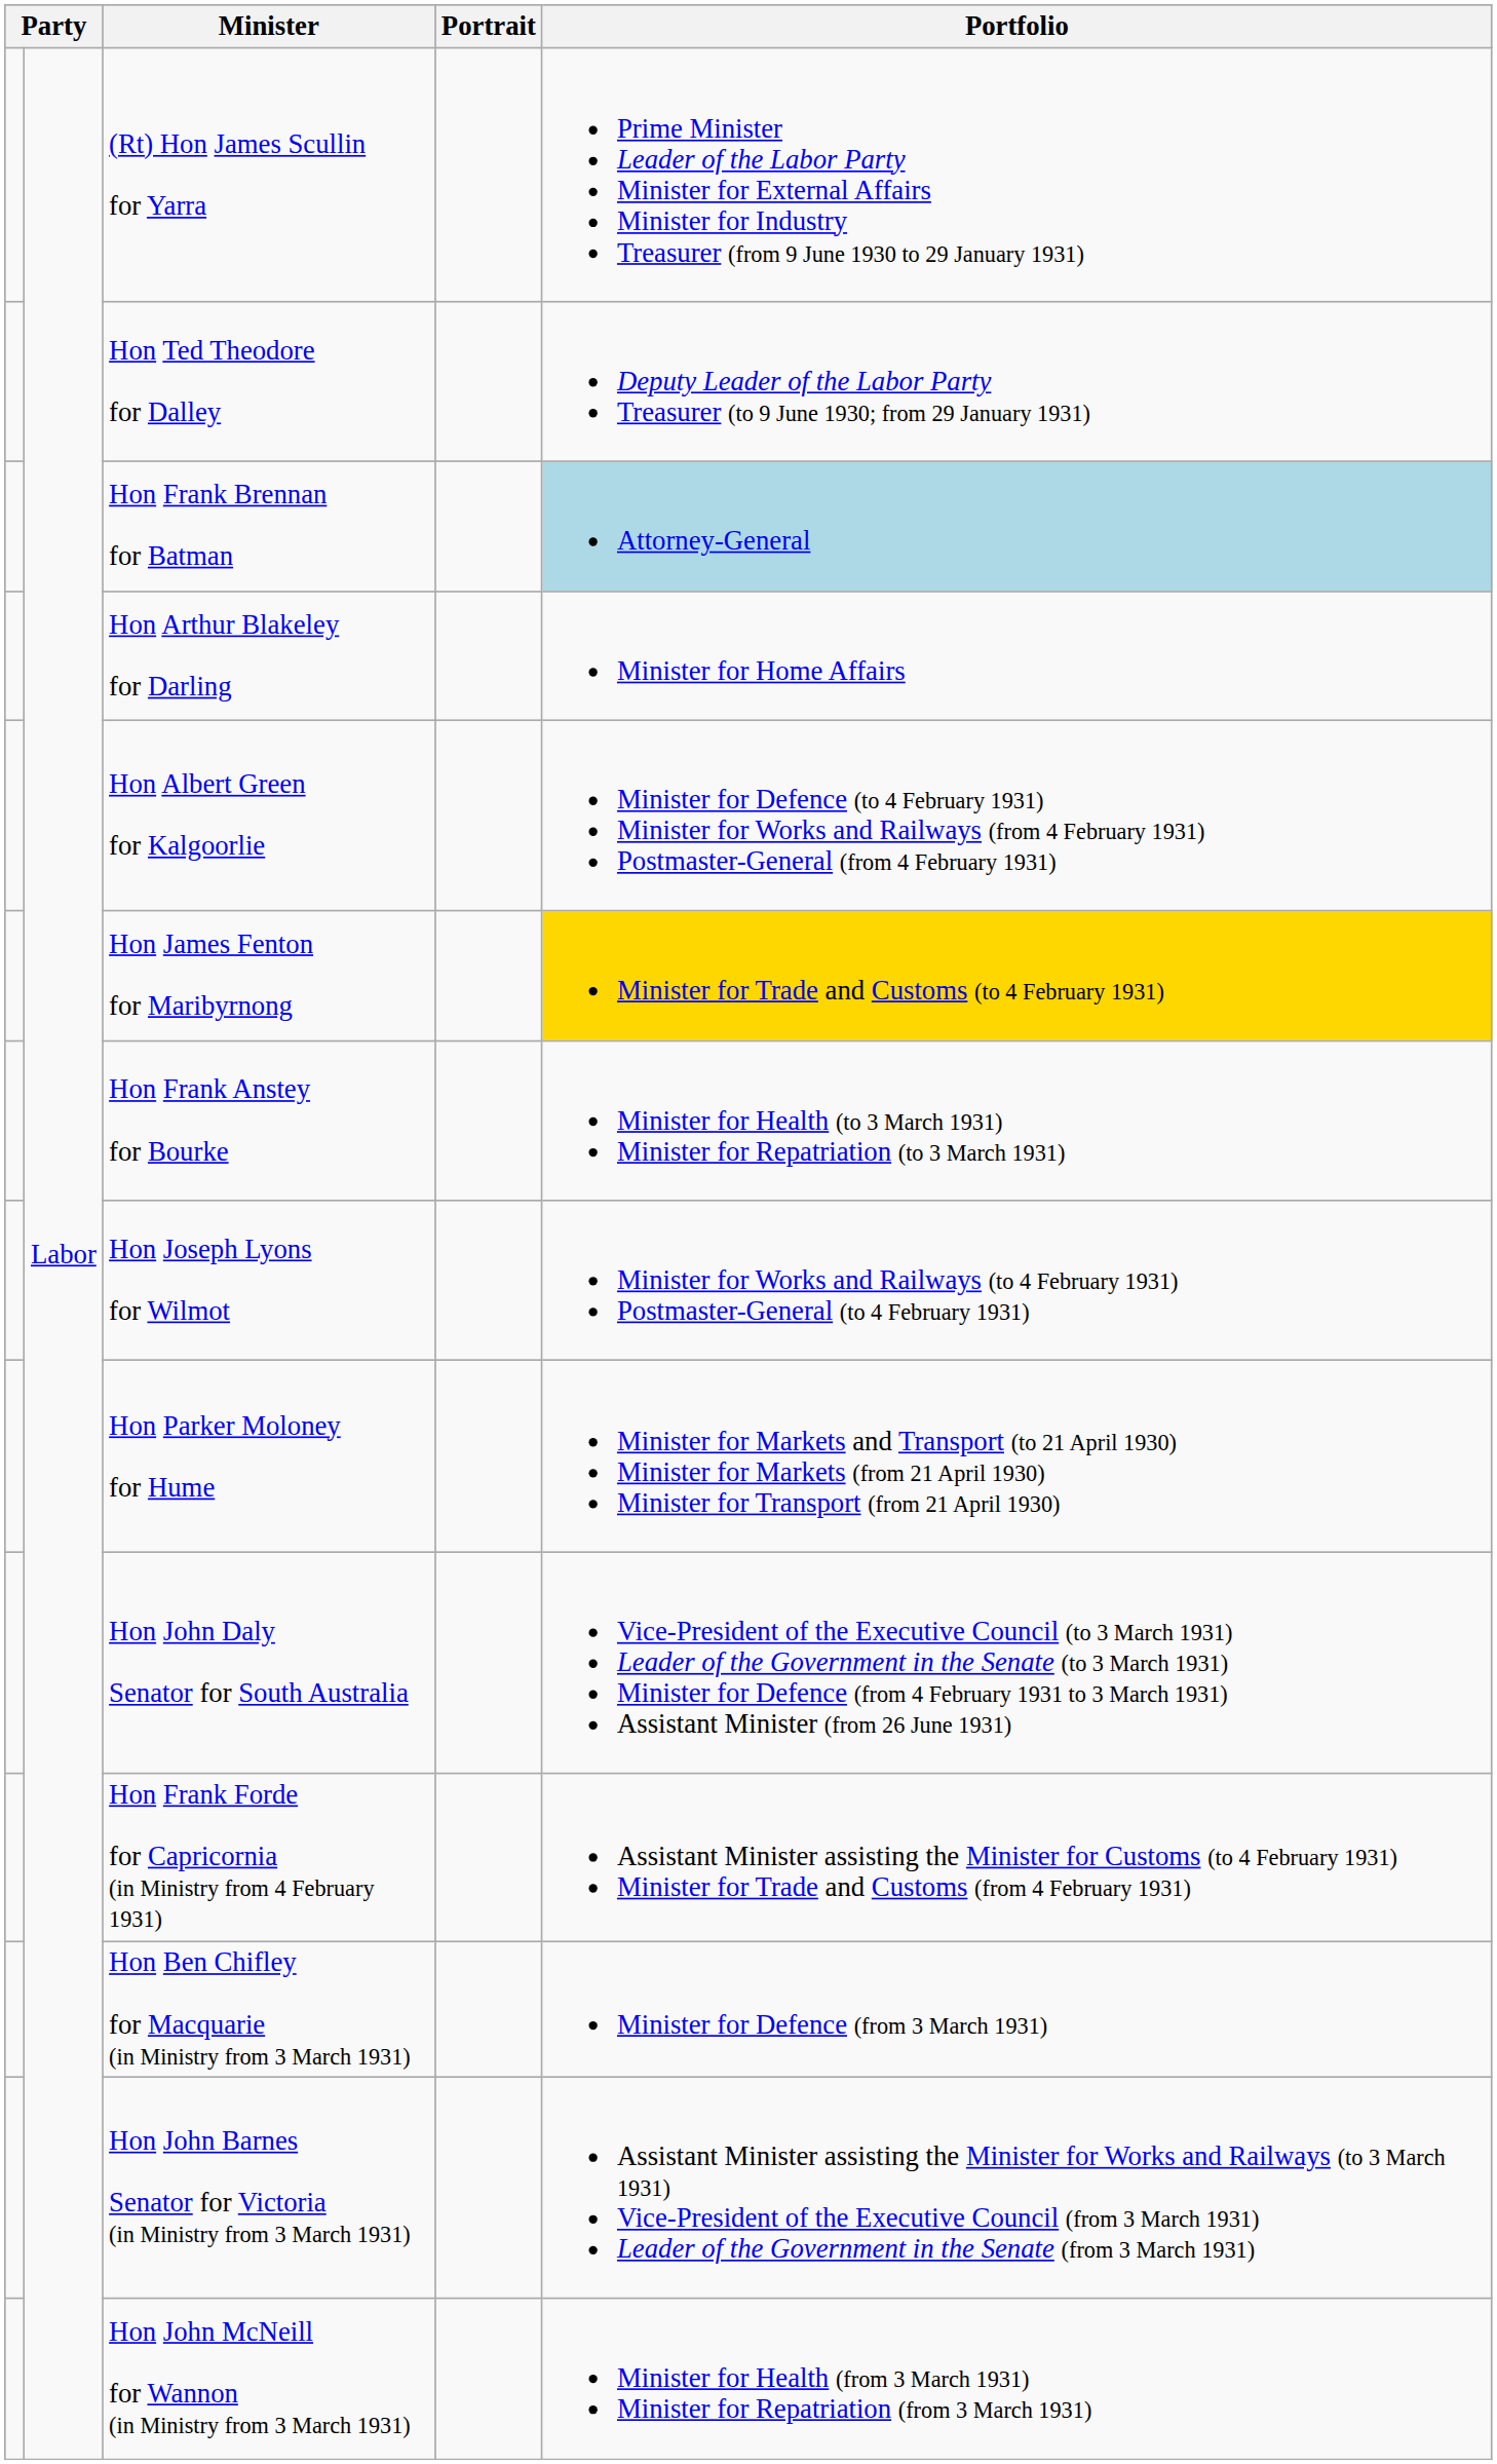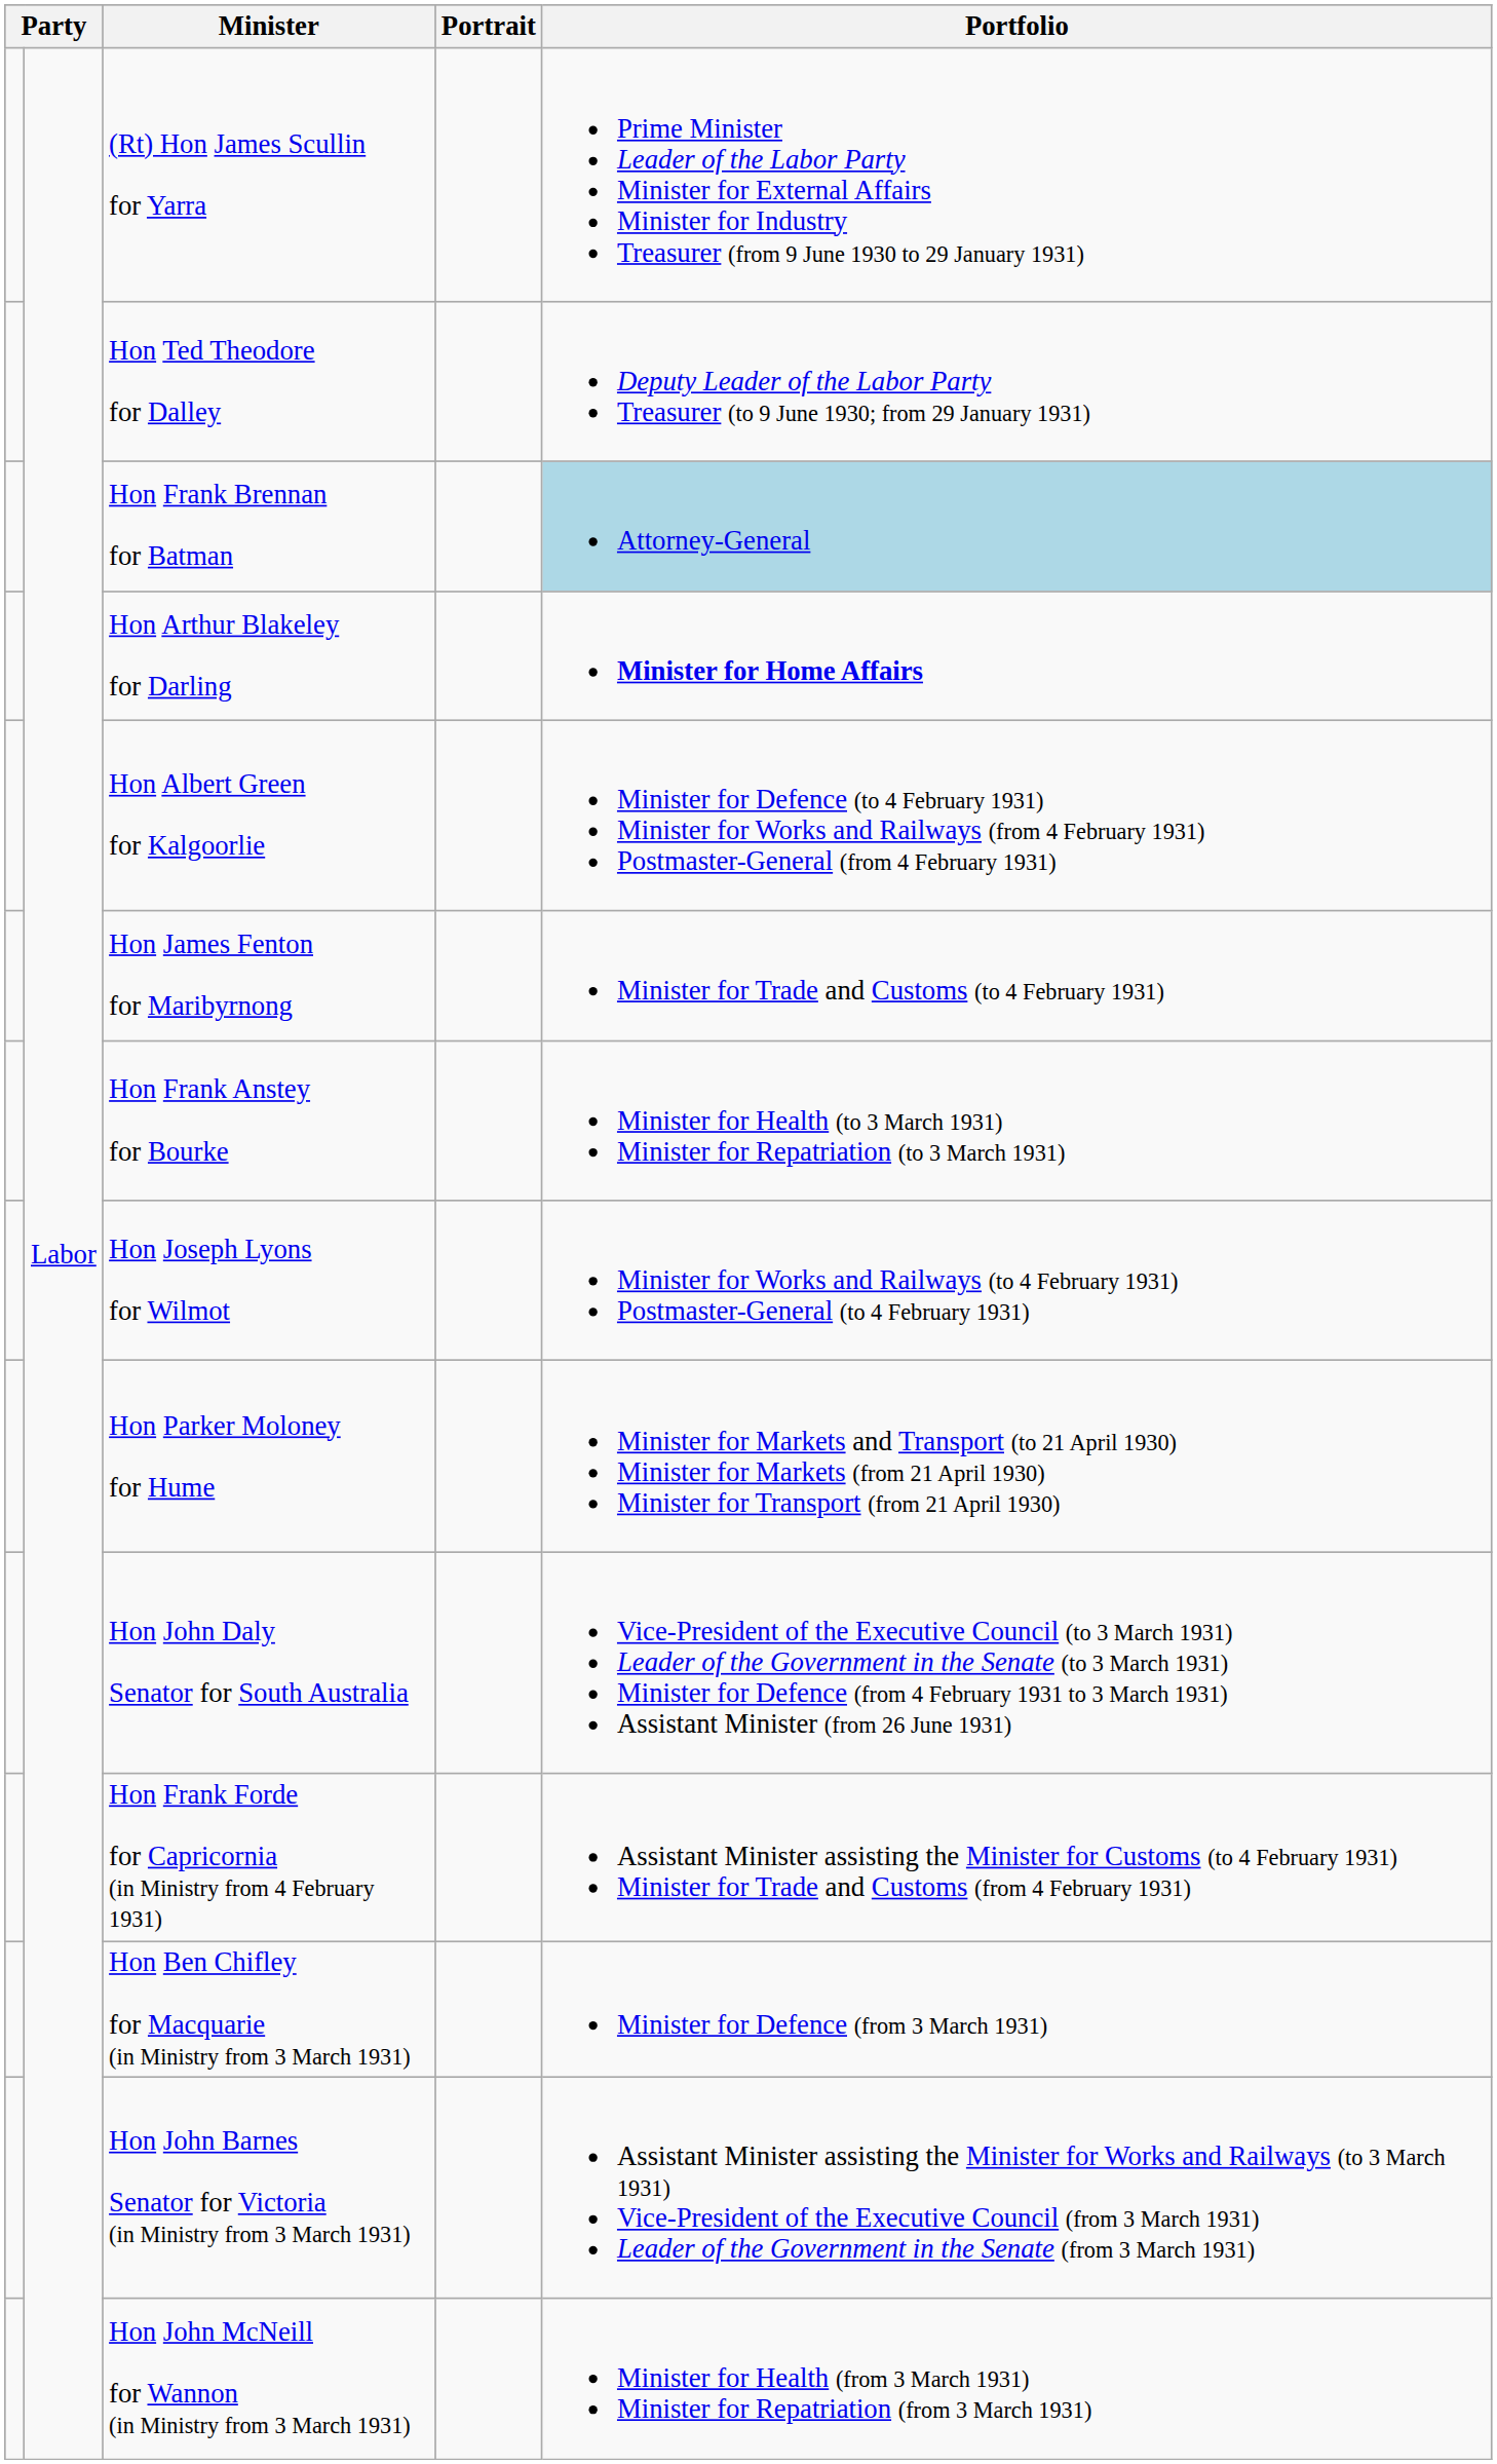 <table class="wikitable sortable">
 <tr>
 <th colspan="2">Party</th>
 <th>Minister</th>
 <th>Portrait</th>
 <th>Portfolio</th>
 </tr>
 <tr>
 <td> </td>
 <td rowspan=14><a href='#'>Labor</a></td>
 <td><a href='#'>(Rt) Hon</a> <a href='#'>James Scullin</a> <br><br> for <a href='#'>Yarra</a> <br></td>
 <td></td>
 <td><br><ul><li><a href='#'>Prime Minister</a></li><li><em><a href='#'>Leader of the Labor Party</a></em></li><li><a href='#'>Minister for External Affairs</a></li><li><a href='#'>Minister for Industry</a></li><li><a href='#'>Treasurer</a> <small>(from 9 June 1930 to 29 January 1931)</small></li></ul></td>
 </tr>
 <tr>
 <td> </td>
 <td><a href='#'>Hon</a> <a href='#'>Ted Theodore</a> <br><br> for <a href='#'>Dalley</a> <br></td>
 <td></td>
 <td><br><ul><li><em><a href='#'>Deputy Leader of the Labor Party</a></em></li><li><a href='#'>Treasurer</a> <small>(to 9 June 1930; from 29 January 1931)</small></li></ul></td>
 </tr>
 <tr>
 <td> </td>
 <td><a href='#'>Hon</a> <a href='#'>Frank Brennan</a> <br><br> for <a href='#'>Batman</a> <br></td>
 <td></td>
 <td style="background: lightblue;"><br><ul><li><a href='#'>Attorney-General</a></li></ul></td>
 </tr>
 <tr>
 <td> </td>
 <td><a href='#'>Hon</a> <a href='#'>Arthur Blakeley</a> <br><br> for <a href='#'>Darling</a> <br></td>
 <td></td>
-<td><br><ul><li><a href='#'>Minister for Home Affairs</a></li></ul></td>
+<td><strong><br><ul><li><a href='#'>Minister for Home Affairs</a></li></ul></strong></td>
 </tr>
 <tr>
 <td> </td>
 <td><a href='#'>Hon</a> <a href='#'>Albert Green</a> <br><br> for <a href='#'>Kalgoorlie</a> <br></td>
 <td></td>
 <td><br><ul><li><a href='#'>Minister for Defence</a> <small>(to 4 February 1931)</small></li><li><a href='#'>Minister for Works and Railways</a> <small>(from 4 February 1931)</small></li><li><a href='#'>Postmaster-General</a> <small>(from 4 February 1931)</small></li></ul></td>
 </tr>
 <tr>
 <td> </td>
 <td><a href='#'>Hon</a> <a href='#'>James Fenton</a> <br><br> for <a href='#'>Maribyrnong</a> <br></td>
 <td></td>
-<td style="background: gold;"><br><ul><li><a href='#'>Minister for Trade</a> and <a href='#'>Customs</a> <small>(to 4 February 1931)</small></li></ul></td>
+<td><br><ul><li><a href='#'>Minister for Trade</a> and <a href='#'>Customs</a> <small>(to 4 February 1931)</small></li></ul></td>
 </tr>
 <tr>
 <td> </td>
 <td><a href='#'>Hon</a> <a href='#'>Frank Anstey</a> <br><br> for <a href='#'>Bourke</a> <br></td>
 <td></td>
 <td><br><ul><li><a href='#'>Minister for Health</a> <small>(to 3 March 1931)</small></li><li><a href='#'>Minister for Repatriation</a> <small>(to 3 March 1931)</small></li></ul></td>
 </tr>
 <tr>
 <td> </td>
 <td><a href='#'>Hon</a> <a href='#'>Joseph Lyons</a> <br><br> for <a href='#'>Wilmot</a> <br></td>
 <td></td>
 <td><br><ul><li><a href='#'>Minister for Works and Railways</a> <small>(to 4 February 1931)</small></li><li><a href='#'>Postmaster-General</a> <small>(to 4 February 1931)</small></li></ul></td>
 </tr>
 <tr>
 <td> </td>
 <td><a href='#'>Hon</a> <a href='#'>Parker Moloney</a> <br><br> for <a href='#'>Hume</a> <br></td>
 <td></td>
 <td><br><ul><li><a href='#'>Minister for Markets</a> and <a href='#'>Transport</a> <small>(to 21 April 1930)</small></li><li><a href='#'>Minister for Markets</a> <small>(from 21 April 1930)</small></li><li><a href='#'>Minister for Transport</a> <small>(from 21 April 1930)</small></li></ul></td>
 </tr>
 <tr>
 <td> </td>
 <td><a href='#'>Hon</a> <a href='#'>John Daly</a> <br><br><a href='#'>Senator</a> for <a href='#'>South Australia</a> <br></td>
 <td></td>
 <td><br><ul><li><a href='#'>Vice-President of the Executive Council</a> <small>(to 3 March 1931)</small></li><li><em><a href='#'>Leader of the Government in the Senate</a></em> <small>(to 3 March 1931)</small></li><li><a href='#'>Minister for Defence</a> <small>(from 4 February 1931 to 3 March 1931)</small></li><li>Assistant Minister <small>(from 26 June 1931)</small></li></ul></td>
 </tr>
 <tr>
 <td> </td>
 <td><a href='#'>Hon</a> <a href='#'>Frank Forde</a> <br><br> for <a href='#'>Capricornia</a> <br> <small>(in Ministry from 4 February 1931)</small></td>
 <td></td>
 <td><br><ul><li>Assistant Minister assisting the <a href='#'>Minister for Customs</a> <small>(to 4 February 1931)</small></li><li><a href='#'>Minister for Trade</a> and <a href='#'>Customs</a> <small>(from 4 February 1931)</small></li></ul></td>
 </tr>
 <tr>
 <td> </td>
 <td><a href='#'>Hon</a> <a href='#'>Ben Chifley</a> <br><br> for <a href='#'>Macquarie</a> <br> <small>(in Ministry from 3 March 1931)</small></td>
 <td></td>
 <td><br><ul><li><a href='#'>Minister for Defence</a> <small>(from 3 March 1931)</small></li></ul></td>
 </tr>
 <tr>
 <td> </td>
 <td><a href='#'>Hon</a> <a href='#'>John Barnes</a> <br><br><a href='#'>Senator</a> for <a href='#'>Victoria</a> <br> <small>(in Ministry from 3 March 1931)</small></td>
 <td></td>
 <td><br><ul><li>Assistant Minister assisting the <a href='#'>Minister for Works and Railways</a> <small>(to 3 March 1931)</small></li><li><a href='#'>Vice-President of the Executive Council</a> <small>(from 3 March 1931)</small></li><li><em><a href='#'>Leader of the Government in the Senate</a></em> <small>(from 3 March 1931)</small></li></ul></td>
 </tr>
 <tr>
 <td> </td>
 <td><a href='#'>Hon</a> <a href='#'>John McNeill</a> <br><br> for <a href='#'>Wannon</a> <br> <small>(in Ministry from 3 March 1931)</small></td>
 <td></td>
 <td><br><ul><li><a href='#'>Minister for Health</a> <small>(from 3 March 1931)</small></li><li><a href='#'>Minister for Repatriation</a> <small>(from 3 March 1931)</small></li></ul></td>
 </tr>
 </table>
